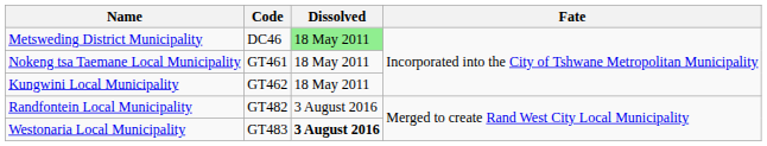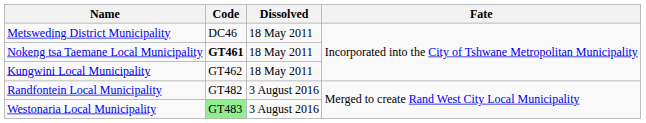 <table class="wikitable">
 <tr>
 <th>Name</th>
 <th>Code</th>
 <th>Dissolved</th>
 <th>Fate</th>
 </tr>
 <tr>
 <td><a href='#'>Metsweding District Municipality</a></td>
 <td>DC46</td>
-<td style="background: lightgreen;">18 May 2011</td>
+<td>18 May 2011</td>
 <td rowspan=3>Incorporated into the <a href='#'>City of Tshwane Metropolitan Municipality</a></td>
 </tr>
 <tr>
 <td><a href='#'>Nokeng tsa Taemane Local Municipality</a></td>
-<td>GT461</td>
+<td><strong>GT461</strong></td>
 <td>18 May 2011</td>
 </tr>
 <tr>
 <td><a href='#'>Kungwini Local Municipality</a></td>
 <td>GT462</td>
 <td>18 May 2011</td>
 </tr>
 <tr>
 <td><a href='#'>Randfontein Local Municipality</a></td>
 <td>GT482</td>
 <td>3 August 2016</td>
 <td rowspan=2>Merged to create <a href='#'>Rand West City Local Municipality</a></td>
 </tr>
 <tr>
 <td><a href='#'>Westonaria Local Municipality</a></td>
-<td>GT483</td>
-<td><strong>3 August 2016</strong></td>
+<td style="background: lightgreen;">GT483</td>
+<td>3 August 2016</td>
 </tr>
 </table>
